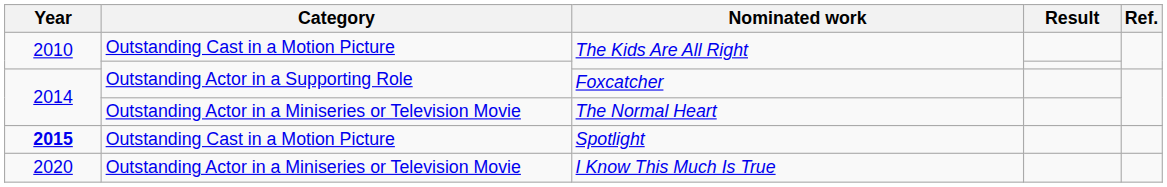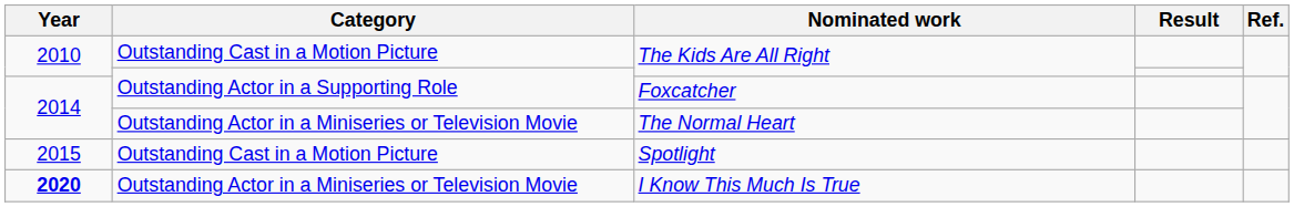 <table class=wikitable>
 <tr>
 <th scope="col" style="width:5em;">Year</th>
 <th scope="col" style="width:26em;">Category</th>
 <th scope="col" style="width:25em;">Nominated work</th>
 <th scope="col" style="width:5em;">Result</th>
 <th>Ref.</th>
 </tr>
 <tr>
 <td style="text-align: center;" rowspan="2"><a href='#'>2010</a></td>
 <td><a href='#'>Outstanding Cast in a Motion Picture</a></td>
 <td rowspan="2"><em><a href='#'>The Kids Are All Right</a></em></td>
 <td></td>
 <td style="text-align: center;" rowspan="2"></td>
 </tr>
 <tr>
 <td rowspan="2"><a href='#'>Outstanding Actor in a Supporting Role</a></td>
 <td></td>
 </tr>
 <tr>
 <td style="text-align: center;" rowspan="2"><a href='#'>2014</a></td>
 <td><em><a href='#'>Foxcatcher</a></em></td>
 <td></td>
 <td style="text-align: center;" rowspan="2"></td>
 </tr>
 <tr>
 <td><a href='#'>Outstanding Actor in a Miniseries or Television Movie</a></td>
 <td><em><a href='#'>The Normal Heart</a></em></td>
 <td></td>
 </tr>
 <tr>
-<td style="text-align: center;"><strong><a href='#'>2015</a></strong></td>
+<td style="text-align: center;"><a href='#'>2015</a></td>
 <td><a href='#'>Outstanding Cast in a Motion Picture</a></td>
 <td><em><a href='#'>Spotlight</a></em></td>
 <td></td>
 <td style="text-align: center;"></td>
 </tr>
 <tr>
-<td style="text-align: center;"><a href='#'>2020</a></td>
+<td style="text-align: center;"><strong><a href='#'>2020</a></strong></td>
 <td><a href='#'>Outstanding Actor in a Miniseries or Television Movie</a></td>
 <td><em><a href='#'>I Know This Much Is True</a></em></td>
 <td></td>
 <td style="text-align: center;"></td>
 </tr>
 </table>
